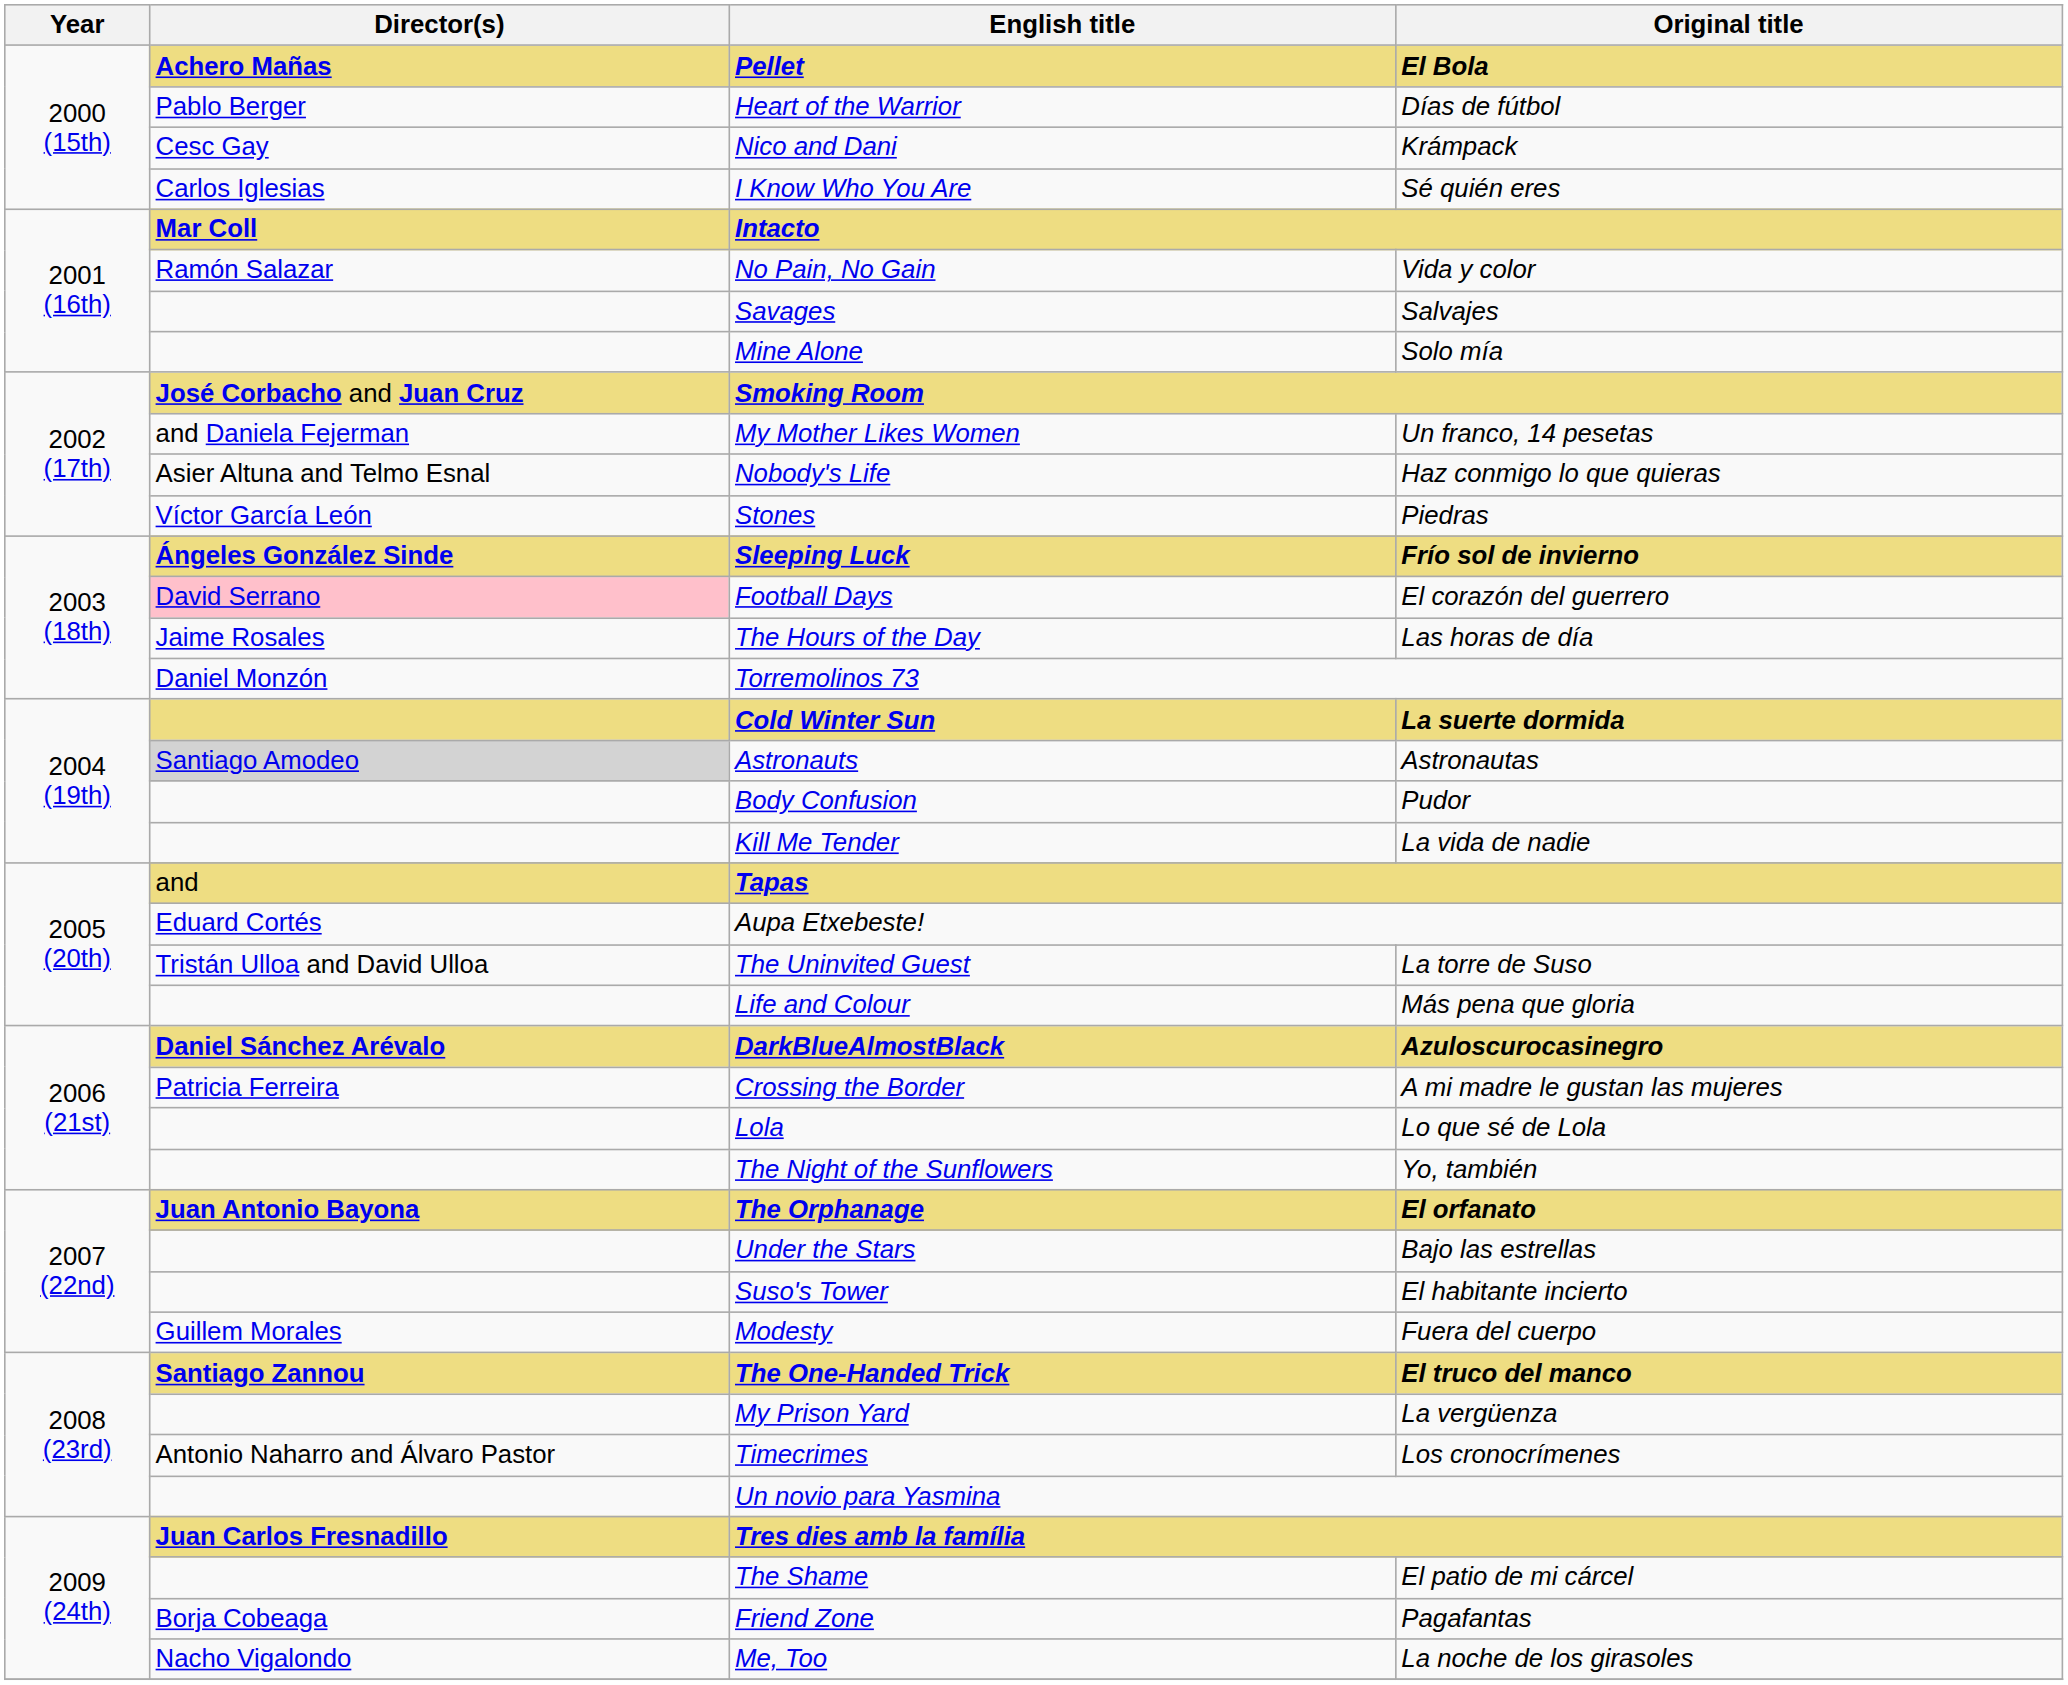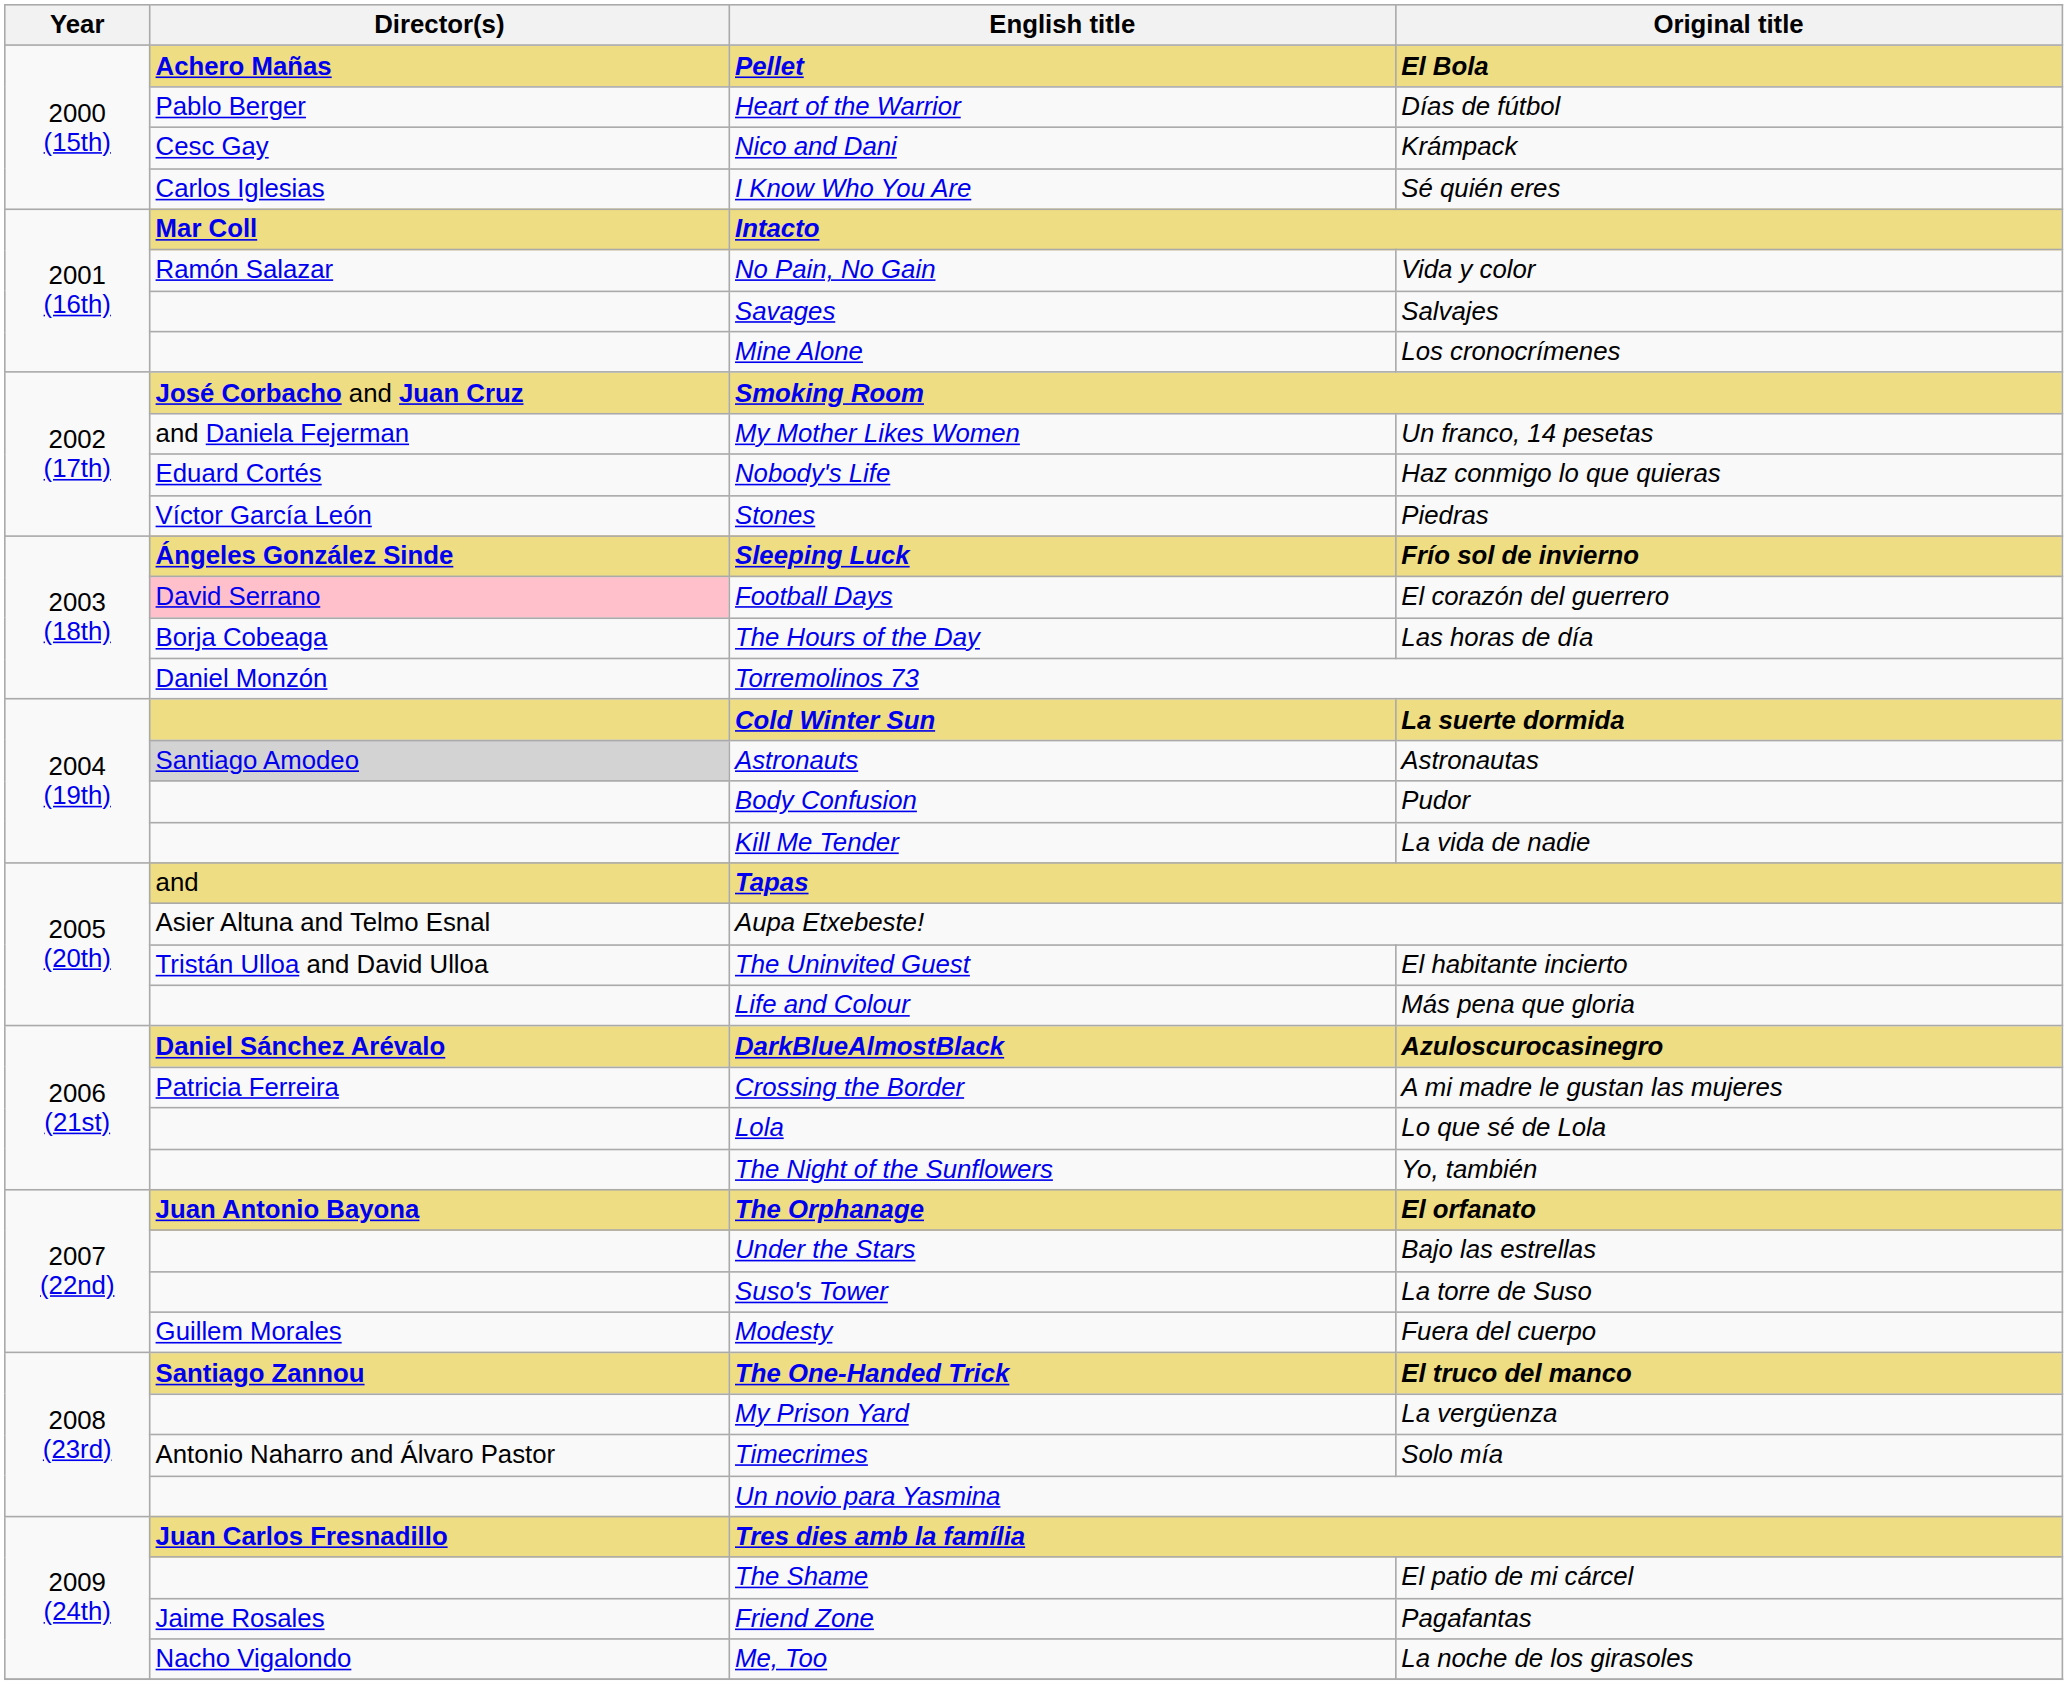 <table class="wikitable sortable" style="text-align:left;">
 <tr>
 <th scope="col" style="width:5%;">Year</th>
 <th scope="col" style="width:20%;">Director(s)</th>
 <th scope="col" style="width:23%;">English title</th>
 <th scope="col" style="width:23%;">Original title</th>
 </tr>
 <tr>
 <td rowspan="4" style="text-align:center;">2000<br><a href='#'>(15th)</a></td>
 <td style="background:#eedd82;"><strong><a href='#'>Achero Mañas</a></strong></td>
 <td style="background:#eedd82;"><strong><em><a href='#'>Pellet</a></em></strong></td>
 <td style="background:#eedd82;"><strong><em>El Bola</em></strong></td>
 </tr>
 <tr>
 <td><a href='#'>Pablo Berger</a></td>
 <td><em><a href='#'>Heart of the Warrior</a></em></td>
 <td><em>Días de fútbol</em></td>
 </tr>
 <tr>
 <td><a href='#'>Cesc Gay</a></td>
 <td><em><a href='#'>Nico and Dani</a></em></td>
 <td><em>Krámpack</em></td>
 </tr>
 <tr>
 <td><a href='#'>Carlos Iglesias</a></td>
 <td><em><a href='#'>I Know Who You Are</a></em></td>
 <td><em>Sé quién eres</em></td>
 </tr>
 <tr>
 <td rowspan="4" style="text-align:center;">2001<br><a href='#'>(16th)</a></td>
 <td style="background:#eedd82;"><strong><a href='#'>Mar Coll</a></strong></td>
 <td colspan="2" style="background:#eedd82;"><strong><em><a href='#'>Intacto</a></em></strong></td>
 </tr>
 <tr>
 <td><a href='#'>Ramón Salazar</a></td>
 <td><em><a href='#'>No Pain, No Gain</a></em></td>
 <td><em>Vida y color</em></td>
 </tr>
 <tr>
 <td></td>
 <td><em><a href='#'>Savages</a></em></td>
 <td><em>Salvajes</em></td>
 </tr>
 <tr>
 <td></td>
 <td><em><a href='#'>Mine Alone</a></em></td>
-<td><em>Solo mía</em></td>
+<td><em>Los cronocrímenes</em></td>
 </tr>
 <tr>
 <td rowspan="4" style="text-align:center;">2002<br><a href='#'>(17th)</a></td>
 <td style="background:#eedd82;"><strong><a href='#'>José Corbacho</a></strong> and <strong><a href='#'>Juan Cruz</a></strong></td>
 <td colspan="2" style="background:#eedd82;"><strong><em><a href='#'>Smoking Room</a></em></strong></td>
 </tr>
 <tr>
 <td> and <a href='#'>Daniela Fejerman</a></td>
 <td><em><a href='#'>My Mother Likes Women</a></em></td>
 <td><em>Un franco, 14 pesetas</em></td>
 </tr>
 <tr>
-<td>Asier Altuna and Telmo Esnal</td>
+<td><a href='#'>Eduard Cortés</a></td>
 <td><em><a href='#'>Nobody's Life</a></em></td>
 <td><em>Haz conmigo lo que quieras</em></td>
 </tr>
 <tr>
 <td><a href='#'>Víctor García León</a></td>
 <td><em><a href='#'>Stones</a></em></td>
 <td><em>Piedras</em></td>
 </tr>
 <tr>
 <td rowspan="4" style="text-align:center;">2003<br><a href='#'>(18th)</a></td>
 <td style="background:#eedd82;"><strong><a href='#'>Ángeles González Sinde</a></strong></td>
 <td style="background:#eedd82;"><strong><em><a href='#'>Sleeping Luck</a></em></strong></td>
 <td style="background:#eedd82;"><strong><em>Frío sol de invierno</em></strong></td>
 </tr>
 <tr>
 <td style="background: pink;"><a href='#'>David Serrano</a></td>
 <td><em><a href='#'>Football Days</a></em></td>
 <td><em>El corazón del guerrero</em></td>
 </tr>
 <tr>
-<td><a href='#'>Jaime Rosales</a></td>
+<td><a href='#'>Borja Cobeaga</a></td>
 <td><em><a href='#'>The Hours of the Day</a></em></td>
 <td><em>Las horas de día</em></td>
 </tr>
 <tr>
 <td><a href='#'>Daniel Monzón</a></td>
 <td colspan="2"><em><a href='#'>Torremolinos 73</a></em></td>
 </tr>
 <tr>
 <td rowspan="4" style="text-align:center;">2004<br><a href='#'>(19th)</a></td>
 <td style="background:#eedd82;"><strong></strong></td>
 <td style="background:#eedd82;"><strong><em><a href='#'>Cold Winter Sun</a></em></strong></td>
 <td style="background:#eedd82;"><strong><em>La suerte dormida</em></strong></td>
 </tr>
 <tr>
 <td style="background: lightgrey;"><a href='#'>Santiago Amodeo</a></td>
 <td><em><a href='#'>Astronauts</a></em></td>
 <td><em>Astronautas</em></td>
 </tr>
 <tr>
 <td></td>
 <td><em><a href='#'>Body Confusion</a></em></td>
 <td><em>Pudor</em></td>
 </tr>
 <tr>
 <td></td>
 <td><em><a href='#'>Kill Me Tender</a></em></td>
 <td><em>La vida de nadie</em></td>
 </tr>
 <tr>
 <td rowspan="4" style="text-align:center;">2005<br><a href='#'>(20th)</a></td>
 <td style="background:#eedd82;"><strong></strong> and <strong></strong></td>
 <td colspan="2" style="background:#eedd82;"><strong><em><a href='#'>Tapas</a></em></strong></td>
 </tr>
 <tr>
-<td><a href='#'>Eduard Cortés</a></td>
+<td>Asier Altuna and Telmo Esnal</td>
 <td colspan="2"><em>Aupa Etxebeste!</em></td>
 </tr>
 <tr>
 <td><a href='#'>Tristán Ulloa</a> and David Ulloa</td>
 <td><em><a href='#'>The Uninvited Guest</a></em></td>
-<td><em>La torre de Suso</em></td>
+<td><em>El habitante incierto</em></td>
 </tr>
 <tr>
 <td></td>
 <td><em><a href='#'>Life and Colour</a></em></td>
 <td><em>Más pena que gloria</em></td>
 </tr>
 <tr>
 <td rowspan="4" style="text-align:center;">2006<br><a href='#'>(21st)</a></td>
 <td style="background:#eedd82;"><strong><a href='#'>Daniel Sánchez Arévalo</a></strong></td>
 <td style="background:#eedd82;"><strong><em><a href='#'>DarkBlueAlmostBlack</a></em></strong></td>
 <td style="background:#eedd82;"><strong><em>Azuloscurocasinegro</em></strong></td>
 </tr>
 <tr>
 <td><a href='#'>Patricia Ferreira</a></td>
 <td><em><a href='#'>Crossing the Border</a></em></td>
 <td><em>A mi madre le gustan las mujeres</em></td>
 </tr>
 <tr>
 <td></td>
 <td><em><a href='#'>Lola</a></em></td>
 <td><em>Lo que sé de Lola</em></td>
 </tr>
 <tr>
 <td></td>
 <td><em><a href='#'>The Night of the Sunflowers</a></em></td>
 <td><em>Yo, también</em></td>
 </tr>
 <tr>
 <td rowspan="4" style="text-align:center;">2007<br><a href='#'>(22nd)</a></td>
 <td style="background:#eedd82;"><strong><a href='#'>Juan Antonio Bayona</a></strong></td>
 <td style="background:#eedd82;"><strong><em><a href='#'>The Orphanage</a></em></strong></td>
 <td style="background:#eedd82;"><strong><em>El orfanato</em></strong></td>
 </tr>
 <tr>
 <td></td>
 <td><em><a href='#'>Under the Stars</a></em></td>
 <td><em>Bajo las estrellas</em></td>
 </tr>
 <tr>
 <td></td>
 <td><em><a href='#'>Suso's Tower</a></em></td>
-<td><em>El habitante incierto</em></td>
+<td><em>La torre de Suso</em></td>
 </tr>
 <tr>
 <td><a href='#'>Guillem Morales</a></td>
 <td><em><a href='#'>Modesty</a></em></td>
 <td><em>Fuera del cuerpo</em></td>
 </tr>
 <tr>
 <td rowspan="4" style="text-align:center;">2008<br><a href='#'>(23rd)</a></td>
 <td style="background:#eedd82;"><strong><a href='#'>Santiago Zannou</a></strong></td>
 <td style="background:#eedd82;"><strong><em><a href='#'>The One-Handed Trick</a></em></strong></td>
 <td style="background:#eedd82;"><strong><em>El truco del manco</em></strong></td>
 </tr>
 <tr>
 <td></td>
 <td><em><a href='#'>My Prison Yard</a></em></td>
 <td><em>La vergüenza</em></td>
 </tr>
 <tr>
 <td>Antonio Naharro and Álvaro Pastor</td>
 <td><em><a href='#'>Timecrimes</a></em></td>
-<td><em>Los cronocrímenes</em></td>
+<td><em>Solo mía</em></td>
 </tr>
 <tr>
 <td></td>
 <td colspan="2"><em><a href='#'>Un novio para Yasmina</a></em></td>
 </tr>
 <tr>
 <td rowspan="4" style="text-align:center;">2009<br><a href='#'>(24th)</a></td>
 <td style="background:#eedd82;"><strong><a href='#'>Juan Carlos Fresnadillo</a></strong></td>
 <td colspan="2" style="background:#eedd82;"><strong><em><a href='#'>Tres dies amb la família</a></em></strong></td>
 </tr>
 <tr>
 <td></td>
 <td><em><a href='#'>The Shame</a></em></td>
 <td><em>El patio de mi cárcel</em></td>
 </tr>
 <tr>
-<td><a href='#'>Borja Cobeaga</a></td>
+<td><a href='#'>Jaime Rosales</a></td>
 <td><em><a href='#'>Friend Zone</a></em></td>
 <td><em>Pagafantas</em></td>
 </tr>
 <tr>
 <td><a href='#'>Nacho Vigalondo</a></td>
 <td><em><a href='#'>Me, Too</a></em></td>
 <td><em>La noche de los girasoles</em></td>
 </tr>
 <tr>
 </tr>
 </table>
